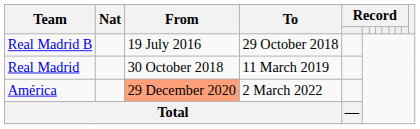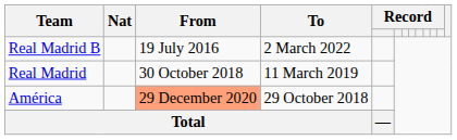 <table class="wikitable" style="text-align: center">
 <tr>
 <th rowspan="2">Team</th>
 <th rowspan="2">Nat</th>
 <th rowspan="2">From</th>
 <th rowspan="2">To</th>
 <th colspan="8">Record</th>
 <th rowspan=2></th>
 </tr>
 <tr>
 <th></th>
 <th></th>
 <th></th>
 <th></th>
 <th></th>
 <th></th>
 <th></th>
 <th></th>
 </tr>
 <tr>
 <td align=left><a href='#'>Real Madrid B</a></td>
 <td></td>
 <td align=left>19 July 2016</td>
-<td align=left>29 October 2018<br></td>
+<td align=left>2 March 2022<br></td>
 <td></td>
 </tr>
 <tr>
 <td align=left><a href='#'>Real Madrid</a></td>
 <td></td>
 <td align=left>30 October 2018</td>
 <td align=left>11 March 2019<br></td>
 <td></td>
 </tr>
 <tr>
 <td align=left><a href='#'>América</a></td>
 <td></td>
 <td align=left style="background: lightsalmon;">29 December 2020</td>
-<td align=left>2 March 2022<br></td>
+<td align=left>29 October 2018<br></td>
 <td></td>
 </tr>
 <tr>
 <th colspan="4">Total<br></th>
 <th>—</th>
 </tr>
 </table>
